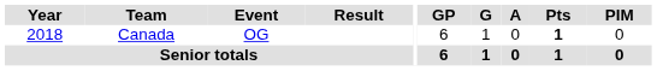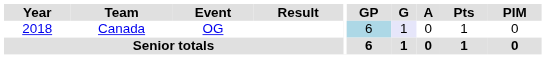 <table border="0" cellpadding="1" cellspacing="0" ID="Table3" style="text-align:center; width:40em">
 <tr ALIGN="center" bgcolor="#e0e0e0">
 <th>Year</th>
 <th>Team</th>
 <th>Event</th>
 <th>Result</th>
 <th rowspan="99" bgcolor="#ffffff"></th>
 <th>GP</th>
 <th>G</th>
 <th>A</th>
 <th>Pts</th>
 <th>PIM</th>
 </tr>
 <tr>
 <td><a href='#'>2018</a></td>
 <td><a href='#'>Canada</a></td>
 <td><a href='#'>OG</a></td>
 <td></td>
-<td>6</td>
+<td style="background: lightblue;">6</td>
+<td style="background: lavender;">1</td>
+<td>0</td>
 <td>1</td>
-<td>0</td>
-<td><strong>1</strong></td>
 <td>0</td>
 </tr>
 <tr bgcolor="#e0e0e0">
 <th colspan="4">Senior totals</th>
 <th>6</th>
 <th>1</th>
 <th>0</th>
 <th>1</th>
 <th>0</th>
 </tr>
 </table>
